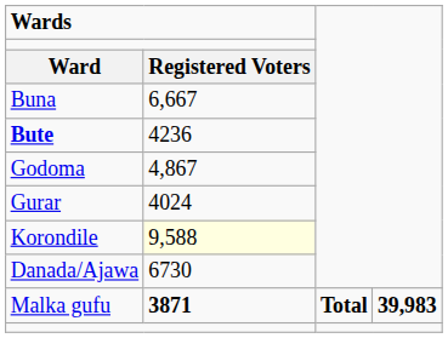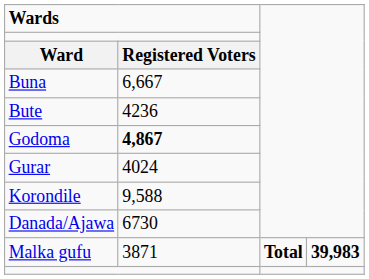 <table class="wikitable">
 <tr>
 <td colspan="2"><strong>Wards</strong></td>
 </tr>
 <tr>
 <td colspan="2"></td>
 </tr>
 <tr>
 <th>Ward</th>
 <th>Registered Voters</th>
 </tr>
 <tr>
 <td><a href='#'>Buna</a></td>
 <td>6,667</td>
 </tr>
 <tr>
-<td><strong><a href='#'>Bute</a></strong></td>
+<td><a href='#'>Bute</a></td>
 <td>4236</td>
 </tr>
 <tr>
 <td><a href='#'>Godoma</a></td>
-<td>4,867</td>
+<td><strong>4,867</strong></td>
 </tr>
 <tr>
 <td><a href='#'>Gurar</a></td>
 <td>4024</td>
 </tr>
 <tr>
 <td><a href='#'>Korondile</a></td>
-<td style="background: lightyellow;">9,588</td>
+<td>9,588</td>
 </tr>
 <tr>
 <td><a href='#'>Danada/Ajawa</a></td>
 <td>6730</td>
 </tr>
 <tr>
 <td><a href='#'>Malka gufu</a></td>
-<td><strong>3871</strong></td>
+<td>3871</td>
 <td><strong>Total</strong></td>
 <td><strong>39,983</strong></td>
 </tr>
 <tr>
 <td colspan="2"></td>
 </tr>
 </table>
